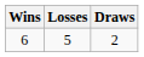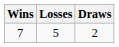 <table class="wikitable">
 <tr>
 <th>Wins</th>
 <th>Losses</th>
 <th>Draws</th>
 </tr>
 <tr>
-<td align=center>6</td>
+<td align=center>7</td>
 <td align=center>5</td>
 <td align=center>2</td>
 </tr>
 </table>
